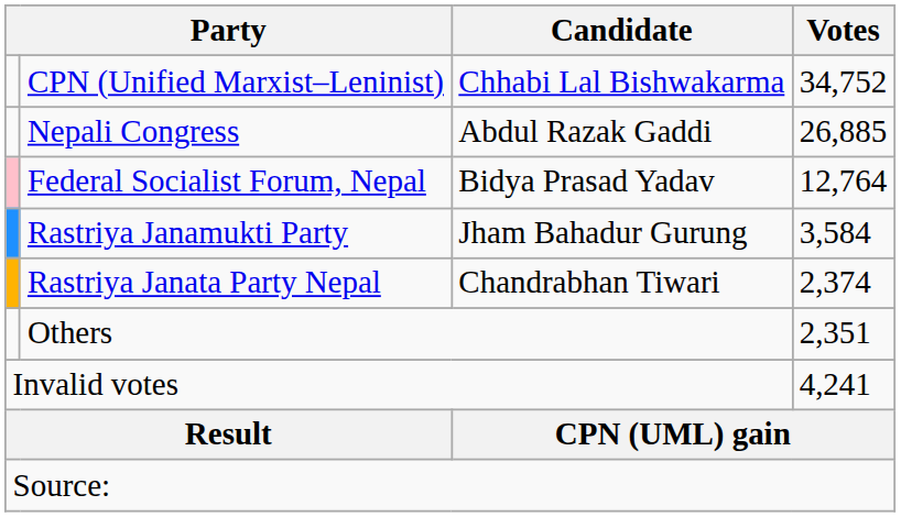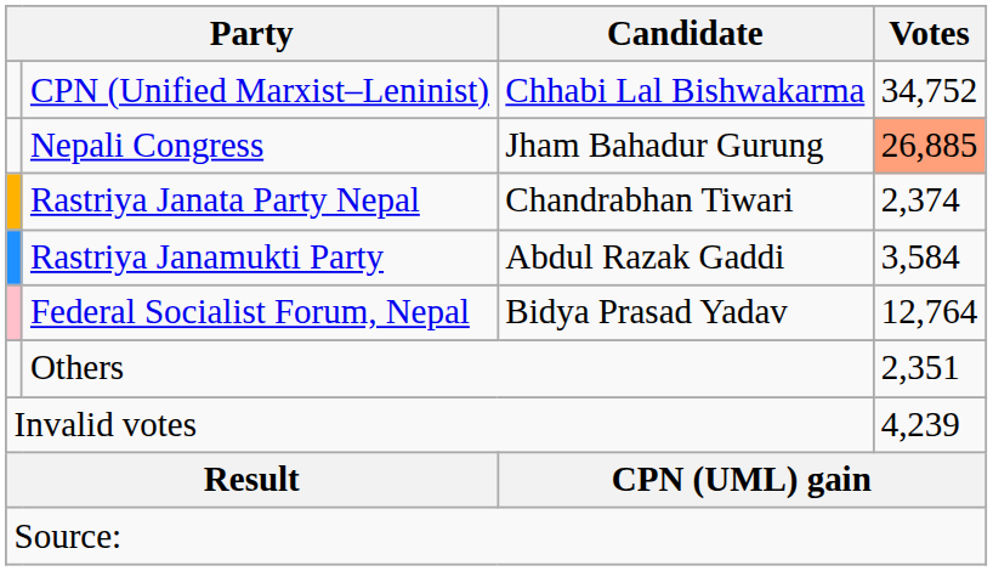 <table class="wikitable">
 <tr>
 <th colspan="2">Party</th>
 <th>Candidate</th>
 <th>Votes</th>
 </tr>
 <tr>
 <td style="background-color:"></td>
 <td><a href='#'>CPN (Unified Marxist–Leninist)</a></td>
 <td><a href='#'>Chhabi Lal Bishwakarma</a></td>
 <td>34,752</td>
 </tr>
 <tr>
 <td style="background-color:"></td>
 <td><a href='#'>Nepali Congress</a></td>
+<td>Jham Bahadur Gurung</td>
+<td style="background: lightsalmon;">26,885</td>
+</tr>
+<tr>
+<td style="background-color:#ffb300"></td>
+<td><a href='#'>Rastriya Janata Party Nepal</a></td>
+<td>Chandrabhan Tiwari</td>
+<td>2,374</td>
+</tr>
+<tr>
+<td style="background-color:dodgerblue"></td>
+<td><a href='#'>Rastriya Janamukti Party</a></td>
 <td>Abdul Razak Gaddi</td>
-<td>26,885</td>
+<td>3,584</td>
 </tr>
 <tr>
 <td style="background-color:pink"></td>
 <td><a href='#'>Federal Socialist Forum, Nepal</a></td>
 <td>Bidya Prasad Yadav</td>
 <td>12,764</td>
 </tr>
 <tr>
-<td style="background-color:dodgerblue"></td>
-<td><a href='#'>Rastriya Janamukti Party</a></td>
-<td>Jham Bahadur Gurung</td>
-<td>3,584</td>
-</tr>
-<tr>
-<td style="background-color:#ffb300"></td>
-<td><a href='#'>Rastriya Janata Party Nepal</a></td>
-<td>Chandrabhan Tiwari</td>
-<td>2,374</td>
-</tr>
-<tr>
 <td></td>
 <td colspan="2">Others</td>
 <td>2,351</td>
 </tr>
 <tr>
 <td colspan="3">Invalid votes</td>
-<td>4,241</td>
+<td>4,239</td>
 </tr>
 <tr>
 <th colspan="2">Result</th>
 <th colspan="2">CPN (UML) gain</th>
 </tr>
 <tr>
 <td colspan="4">Source: </td>
 </tr>
 </table>
